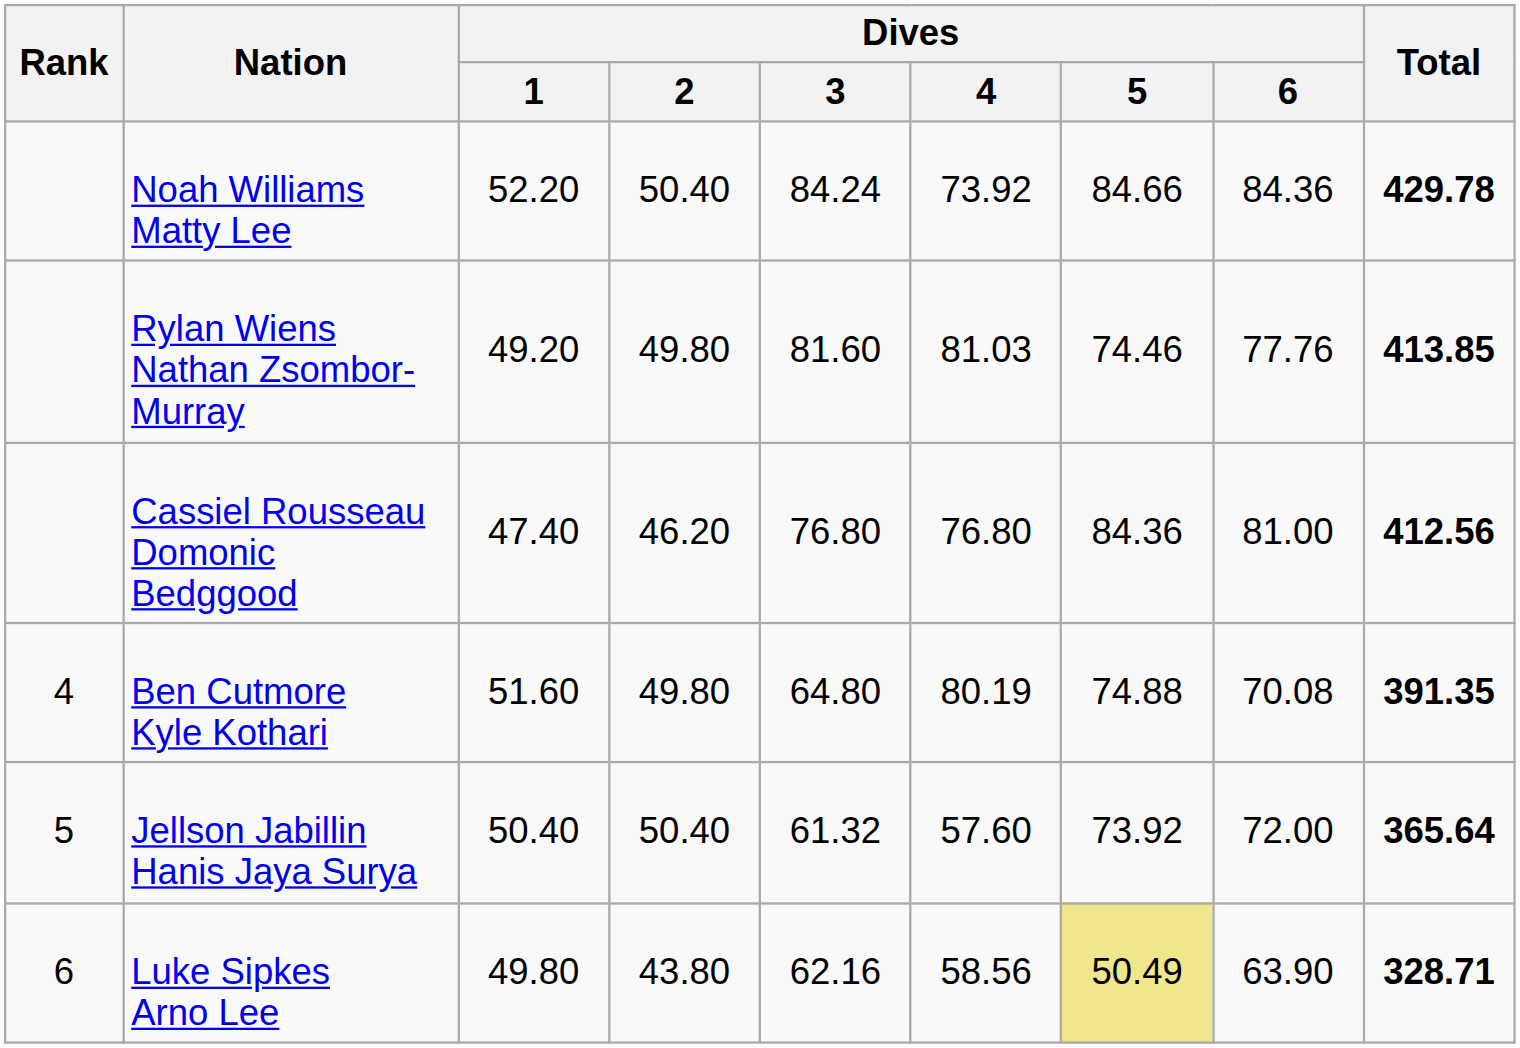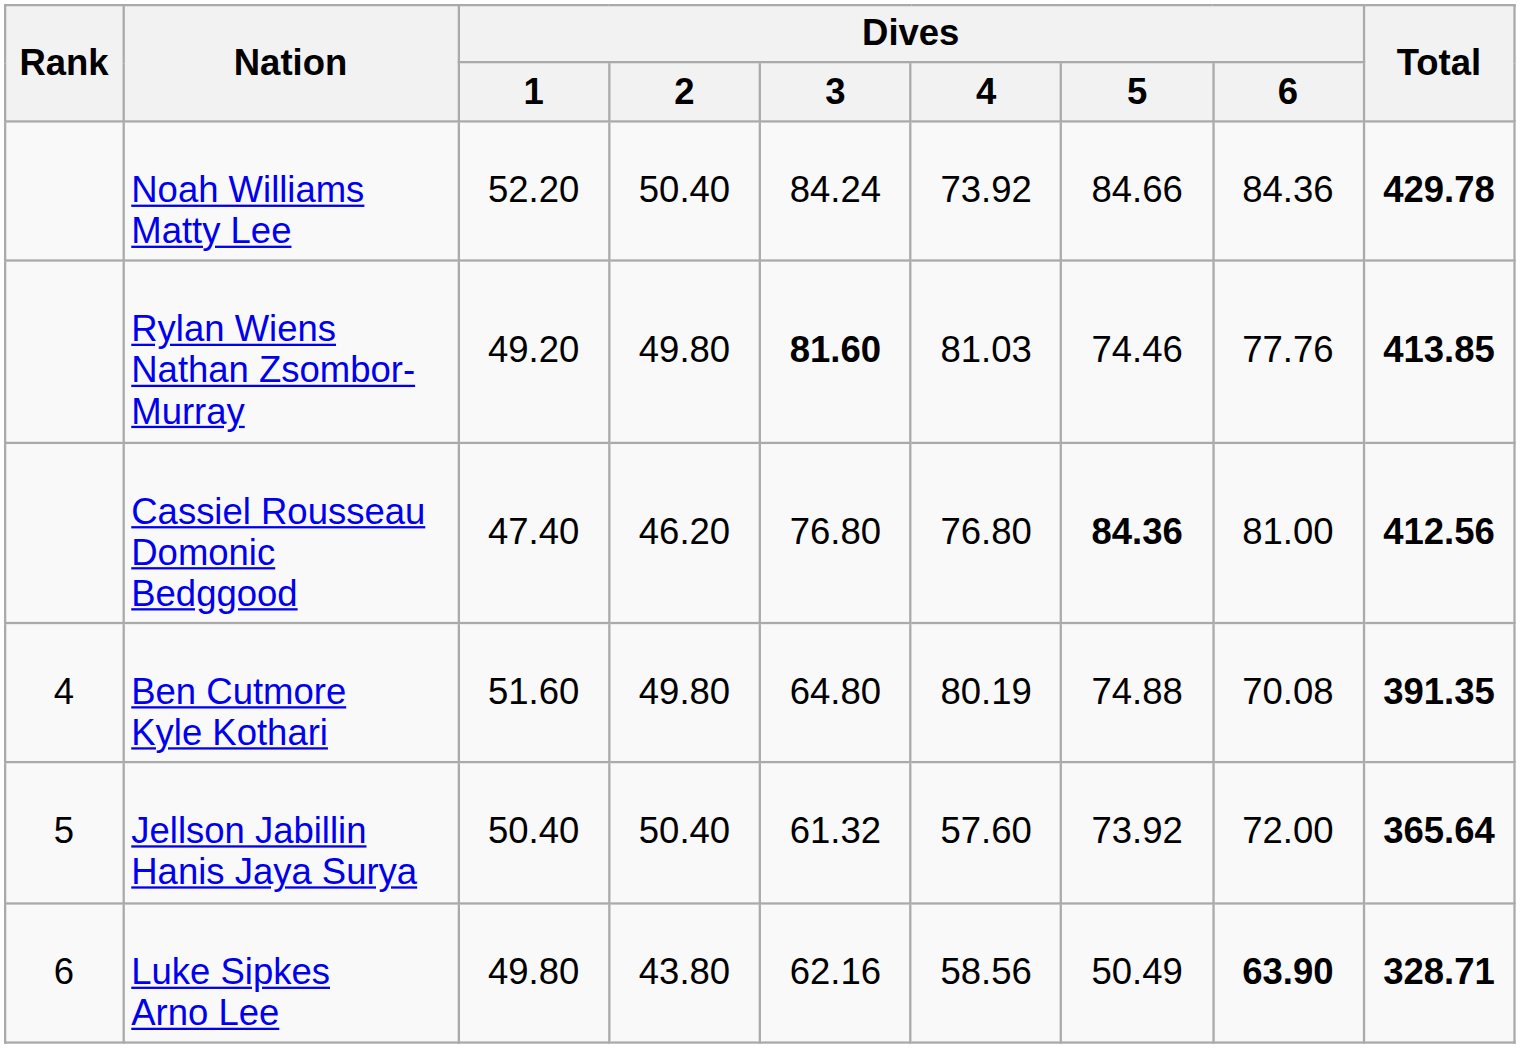 <table class="wikitable" width="75%">
 <tr>
 <th rowspan="2" width="7%">Rank</th>
 <th rowspan="2" width="20%">Nation</th>
 <th colspan="6">Dives</th>
 <th rowspan="2" width="9%">Total</th>
 </tr>
 <tr>
 <th width="9%">1</th>
 <th width="9%">2</th>
 <th width="9%">3</th>
 <th width="9%">4</th>
 <th width="9%">5</th>
 <th width="9%">6</th>
 </tr>
 <tr align=center>
 <td></td>
 <td align=left><br><a href='#'>Noah Williams</a><br><a href='#'>Matty Lee</a></td>
 <td>52.20</td>
 <td>50.40</td>
 <td>84.24</td>
 <td>73.92</td>
 <td>84.66</td>
 <td>84.36</td>
 <td><strong>429.78</strong></td>
 </tr>
 <tr align=center>
 <td></td>
 <td align=left><br><a href='#'>Rylan Wiens</a><br><a href='#'>Nathan Zsombor-Murray</a></td>
 <td>49.20</td>
 <td>49.80</td>
-<td>81.60</td>
+<td><strong>81.60</strong></td>
 <td>81.03</td>
 <td>74.46</td>
 <td>77.76</td>
 <td><strong>413.85</strong></td>
 </tr>
 <tr align=center>
 <td></td>
 <td align=left>  <br><a href='#'>Cassiel Rousseau</a><br><a href='#'>Domonic Bedggood</a></td>
 <td>47.40</td>
 <td>46.20</td>
 <td>76.80</td>
 <td>76.80</td>
-<td>84.36</td>
+<td><strong>84.36</strong></td>
 <td>81.00</td>
 <td><strong>412.56</strong></td>
 </tr>
 <tr align=center>
 <td>4</td>
 <td align=left>  <br><a href='#'>Ben Cutmore</a><br><a href='#'>Kyle Kothari</a></td>
 <td>51.60</td>
 <td>49.80</td>
 <td>64.80</td>
 <td>80.19</td>
 <td>74.88</td>
 <td>70.08</td>
 <td><strong>391.35</strong></td>
 </tr>
 <tr align=center>
 <td>5</td>
 <td align=left> <br><a href='#'>Jellson Jabillin</a><br><a href='#'>Hanis Jaya Surya</a></td>
 <td>50.40</td>
 <td>50.40</td>
 <td>61.32</td>
 <td>57.60</td>
 <td>73.92</td>
 <td>72.00</td>
 <td><strong>365.64</strong></td>
 </tr>
 <tr align=center>
 <td>6</td>
 <td align=left>  <br><a href='#'>Luke Sipkes</a><br><a href='#'>Arno Lee</a></td>
 <td>49.80</td>
 <td>43.80</td>
 <td>62.16</td>
 <td>58.56</td>
-<td style="background: khaki;">50.49</td>
-<td>63.90</td>
+<td>50.49</td>
+<td><strong>63.90</strong></td>
 <td><strong>328.71</strong></td>
 </tr>
 </table>
